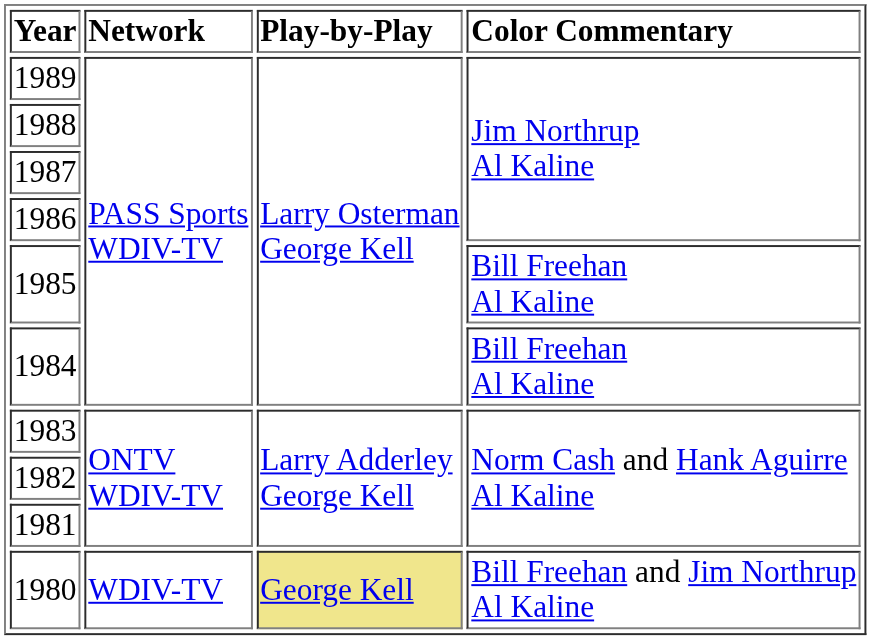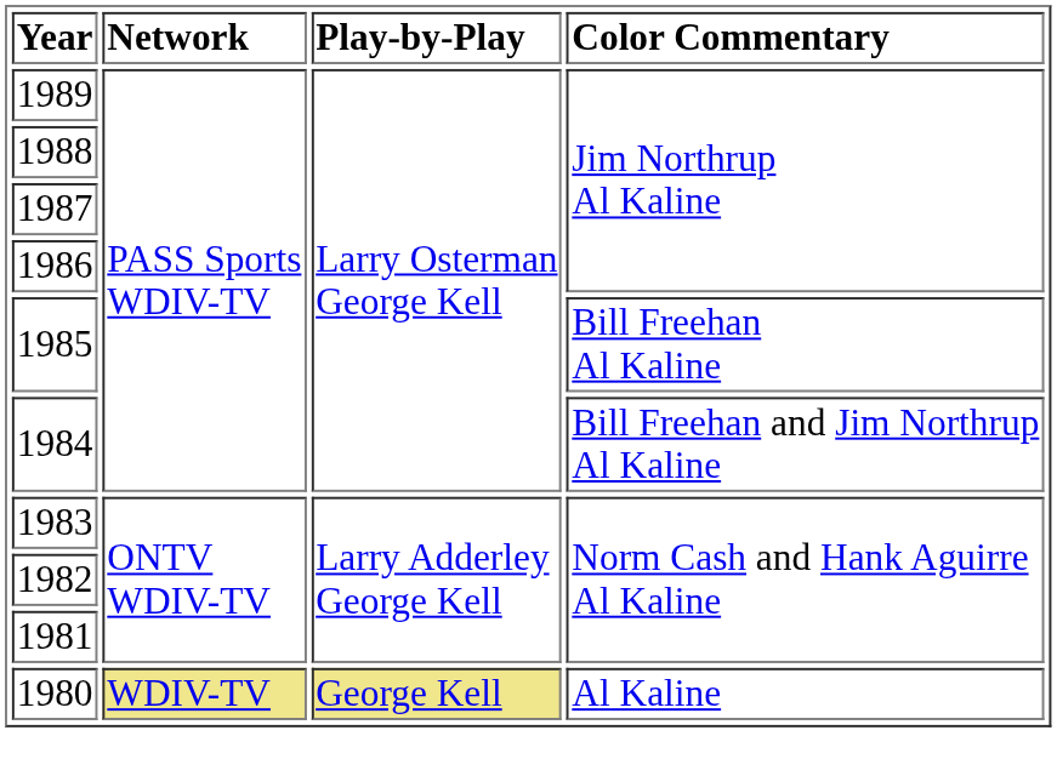 <table border="1" cellpadding="1">
 <tr>
 <td><strong>Year</strong></td>
 <td><strong>Network</strong></td>
 <td><strong>Play-by-Play</strong></td>
 <td><strong>Color Commentary</strong></td>
 </tr>
 <tr>
 <td>1989</td>
 <td rowspan=6><a href='#'>PASS Sports</a> <br> <a href='#'>WDIV-TV</a></td>
 <td rowspan=6><a href='#'>Larry Osterman</a> <br> <a href='#'>George Kell</a></td>
 <td rowspan=4><a href='#'>Jim Northrup</a> <br> <a href='#'>Al Kaline</a></td>
 </tr>
 <tr>
 <td>1988</td>
 </tr>
 <tr>
 <td>1987</td>
 </tr>
 <tr>
 <td>1986</td>
 </tr>
 <tr>
 <td>1985</td>
 <td><a href='#'>Bill Freehan</a> <br> <a href='#'>Al Kaline</a></td>
 </tr>
 <tr>
 <td>1984</td>
-<td><a href='#'>Bill Freehan</a> <br> <a href='#'>Al Kaline</a></td>
+<td><a href='#'>Bill Freehan</a> and <a href='#'>Jim Northrup</a><br> <a href='#'>Al Kaline</a></td>
 </tr>
 <tr>
 <td>1983</td>
 <td rowspan=3><a href='#'>ONTV</a> <br> <a href='#'>WDIV-TV</a></td>
 <td rowspan=3><a href='#'>Larry Adderley</a> <br> <a href='#'>George Kell</a></td>
 <td rowspan=3><a href='#'>Norm Cash</a> and <a href='#'>Hank Aguirre</a> <br> <a href='#'>Al Kaline</a></td>
 </tr>
 <tr>
 <td>1982</td>
 </tr>
 <tr>
 <td>1981</td>
 </tr>
 <tr>
 <td>1980</td>
-<td><a href='#'>WDIV-TV</a></td>
+<td style="background: khaki;"><a href='#'>WDIV-TV</a></td>
 <td style="background: khaki;"><a href='#'>George Kell</a></td>
-<td><a href='#'>Bill Freehan</a> and <a href='#'>Jim Northrup</a><br> <a href='#'>Al Kaline</a></td>
+<td><a href='#'>Al Kaline</a></td>
 </tr>
 </table>
